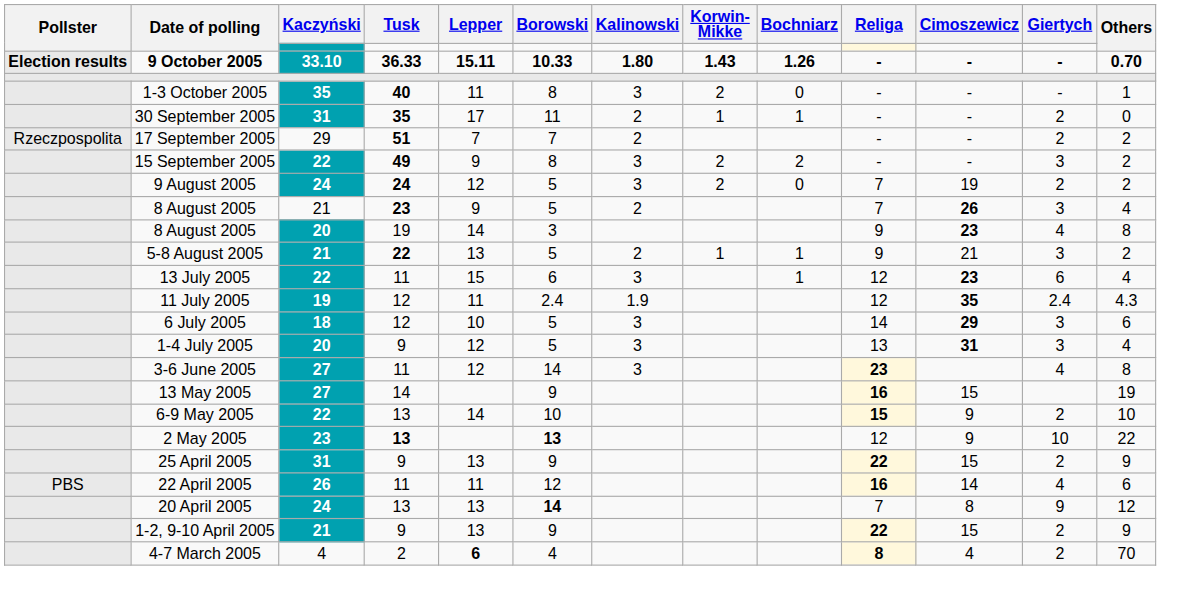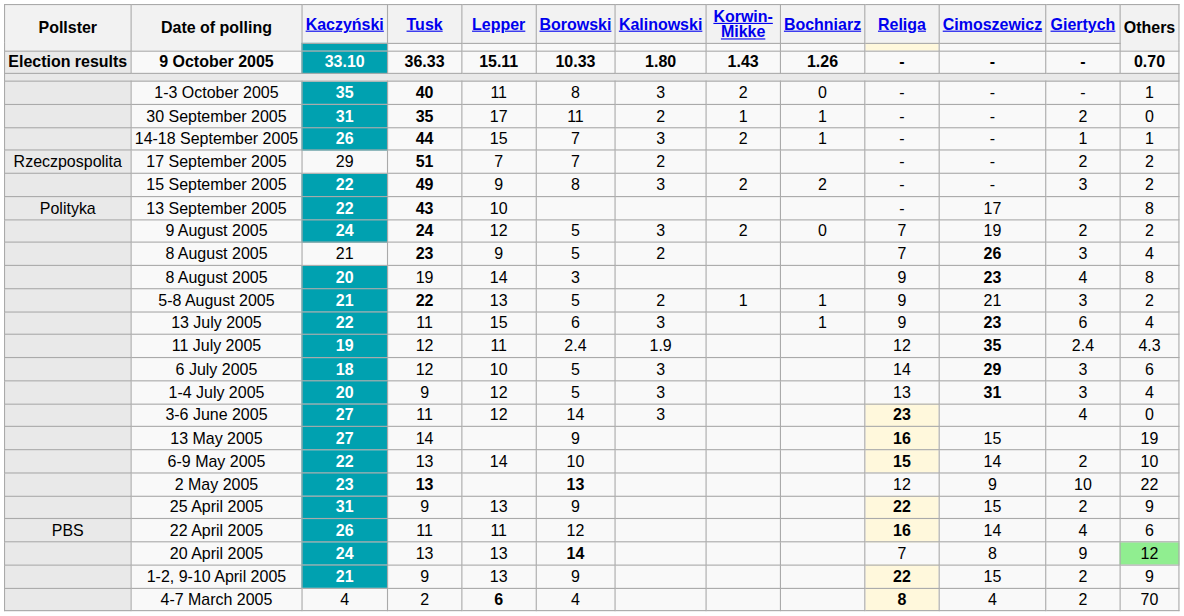 <table class="wikitable" style="text-align:center; font-size:90%; line-height:14px;">
 <tr>
 <th rowspan="2">Pollster</th>
 <th rowspan="2">Date of polling</th>
 <th style="width:60px;"><a href='#'>Kaczyński</a><br></th>
 <th style="width:60px;"><a href='#'>Tusk</a><br></th>
 <th style="width:60px;"><a href='#'>Lepper</a><br></th>
 <th style="width:60px;"><a href='#'>Borowski</a><br></th>
 <th style="width:60px;"><a href='#'>Kalinowski</a><br></th>
 <th style="width:60px;"><a href='#'>Korwin-Mikke</a><br></th>
 <th style="width:60px;"><a href='#'>Bochniarz</a><br></th>
 <th style="width:60px;"><a href='#'>Religa</a><br></th>
 <th style="width:60px;"><a href='#'>Cimoszewicz</a><br></th>
 <th style="width:60px;"><a href='#'>Giertych</a><br></th>
 <th rowspan="2">Others</th>
 </tr>
 <tr>
 <td style="background:#00a1b0;"></td>
 <td style="background:"></td>
 <td style="background:"></td>
 <td style="background:"></td>
 <td style="background:"></td>
 <td style="background:"></td>
 <td style="background:"></td>
 <td style="background:#FFF8DC;"></td>
 <td style="background:"></td>
 <td style="background:"></td>
 </tr>
 <tr>
 <td style="background-color:#E9E9E9"><strong>Election results</strong></td>
 <td><strong>9 October 2005</strong></td>
 <td style="background:#00a1b0; color:white;"><strong>33.10</strong></td>
 <td style="background:"><strong>36.33</strong></td>
 <td><strong>15.11</strong></td>
 <td><strong>10.33</strong></td>
 <td><strong>1.80</strong></td>
 <td><strong>1.43</strong></td>
 <td><strong>1.26</strong></td>
 <td><strong>-</strong></td>
 <td><strong>-</strong></td>
 <td><strong>-</strong></td>
 <td><strong>0.70</strong></td>
 </tr>
 <tr>
 <td colspan="13" style="background-color:#E9E9E9"></td>
 </tr>
 <tr>
 <td style="background-color:#E9E9E9"></td>
 <td>1-3 October 2005</td>
 <td style="background:#00a1b0; color:white;"><strong>35</strong></td>
 <td style="background:"><strong>40</strong></td>
 <td>11</td>
 <td>8</td>
 <td>3</td>
 <td>2</td>
 <td>0</td>
 <td>-</td>
 <td>-</td>
 <td>-</td>
 <td>1</td>
 </tr>
 <tr>
 <td style="background-color:#E9E9E9"></td>
 <td>30 September 2005</td>
 <td style="background:#00a1b0; color:white;"><strong>31</strong></td>
 <td style="background:"><strong>35</strong></td>
 <td>17</td>
 <td>11</td>
 <td>2</td>
 <td>1</td>
 <td>1</td>
 <td>-</td>
 <td>-</td>
 <td>2</td>
 <td>0</td>
 </tr>
 <tr>
+<td style="background-color:#E9E9E9"></td>
+<td>14-18 September 2005</td>
+<td style="background:#00a1b0; color:white;"><strong>26</strong></td>
+<td style="background:"><strong>44</strong></td>
+<td>15</td>
+<td>7</td>
+<td>3</td>
+<td>2</td>
+<td>1</td>
+<td>-</td>
+<td>-</td>
+<td>1</td>
+<td>1</td>
+</tr>
+<tr>
 <td style="background-color:#E9E9E9">Rzeczpospolita</td>
 <td>17 September 2005</td>
 <td>29</td>
 <td style="background:"><strong>51</strong></td>
 <td>7</td>
 <td>7</td>
 <td>2</td>
 <td></td>
 <td></td>
 <td>-</td>
 <td>-</td>
 <td>2</td>
 <td>2</td>
 </tr>
 <tr>
 <td style="background-color:#E9E9E9"></td>
 <td>15 September 2005</td>
 <td style="background:#00a1b0; color:white;"><strong>22</strong></td>
 <td style="background:"><strong>49</strong></td>
 <td>9</td>
 <td>8</td>
 <td>3</td>
 <td>2</td>
 <td>2</td>
 <td>-</td>
 <td>-</td>
 <td>3</td>
 <td>2</td>
+</tr>
+<tr>
+<td style="background-color:#E9E9E9">Polityka</td>
+<td>13 September 2005</td>
+<td style="background:#00a1b0; color:white;"><strong>22</strong></td>
+<td style="background:"><strong>43</strong></td>
+<td>10</td>
+<td></td>
+<td></td>
+<td></td>
+<td></td>
+<td>-</td>
+<td>17</td>
+<td></td>
+<td>8</td>
 </tr>
 <tr>
 <td style="background-color:#E9E9E9"></td>
 <td>9 August 2005</td>
 <td style="background:#00a1b0; color:white;"><strong>24</strong></td>
 <td style="background:"><strong>24</strong></td>
 <td>12</td>
 <td>5</td>
 <td>3</td>
 <td>2</td>
 <td>0</td>
 <td>7</td>
 <td>19</td>
 <td>2</td>
 <td>2</td>
 </tr>
 <tr>
 <td style="background-color:#E9E9E9"></td>
 <td>8 August 2005</td>
 <td>21</td>
 <td style="background:"><strong>23</strong></td>
 <td>9</td>
 <td>5</td>
 <td>2</td>
 <td></td>
 <td></td>
 <td>7</td>
 <td style="background:"><strong>26</strong></td>
 <td>3</td>
 <td>4</td>
 </tr>
 <tr>
 <td style="background-color:#E9E9E9"></td>
 <td>8 August 2005</td>
 <td style="background:#00a1b0; color:white;"><strong>20</strong></td>
 <td>19</td>
 <td>14</td>
 <td>3</td>
 <td></td>
 <td></td>
 <td></td>
 <td>9</td>
 <td style="background:"><strong>23</strong></td>
 <td>4</td>
 <td>8</td>
 </tr>
 <tr>
 <td style="background-color:#E9E9E9"></td>
 <td>5-8 August 2005</td>
 <td style="background:#00a1b0; color:white;"><strong>21</strong></td>
 <td style="background:"><strong>22</strong></td>
 <td>13</td>
 <td>5</td>
 <td>2</td>
 <td>1</td>
 <td>1</td>
 <td>9</td>
 <td style="background:">21</td>
 <td>3</td>
 <td>2</td>
 </tr>
 <tr>
 <td style="background-color:#E9E9E9"></td>
 <td>13 July 2005</td>
 <td style="background:#00a1b0; color:white;"><strong>22</strong></td>
 <td>11</td>
 <td>15</td>
 <td>6</td>
 <td>3</td>
 <td></td>
 <td>1</td>
-<td>12</td>
+<td>9</td>
 <td style="background:"><strong>23</strong></td>
 <td>6</td>
 <td>4</td>
 </tr>
 <tr>
 <td style="background-color:#E9E9E9"></td>
 <td>11 July 2005</td>
 <td style="background:#00a1b0; color:white;"><strong>19</strong></td>
 <td>12</td>
 <td>11</td>
 <td>2.4</td>
 <td>1.9</td>
 <td></td>
 <td></td>
 <td>12</td>
 <td style="background:"><strong>35</strong></td>
 <td>2.4</td>
 <td>4.3</td>
 </tr>
 <tr>
 <td style="background-color:#E9E9E9"></td>
 <td>6 July 2005</td>
 <td style="background:#00a1b0; color:white;"><strong>18</strong></td>
 <td>12</td>
 <td>10</td>
 <td>5</td>
 <td>3</td>
 <td></td>
 <td></td>
 <td>14</td>
 <td style="background:"><strong>29</strong></td>
 <td>3</td>
 <td>6</td>
 </tr>
 <tr>
 <td style="background-color:#E9E9E9"></td>
 <td>1-4 July 2005</td>
 <td style="background:#00a1b0; color:white;"><strong>20</strong></td>
 <td>9</td>
 <td>12</td>
 <td>5</td>
 <td>3</td>
 <td></td>
 <td></td>
 <td>13</td>
 <td style="background:"><strong>31</strong></td>
 <td>3</td>
 <td>4</td>
 </tr>
 <tr>
 <td style="background-color:#E9E9E9"></td>
 <td>3-6 June 2005</td>
 <td style="background:#00a1b0; color:white;"><strong>27</strong></td>
 <td>11</td>
 <td>12</td>
 <td>14</td>
 <td>3</td>
 <td></td>
 <td></td>
 <td style="background:#FFF8DC; color:black;"><strong>23</strong></td>
 <td></td>
 <td>4</td>
-<td>8</td>
+<td>0</td>
 </tr>
 <tr>
 <td style="background-color:#E9E9E9"></td>
 <td>13 May 2005</td>
 <td style="background:#00a1b0; color:white;"><strong>27</strong></td>
 <td>14</td>
 <td></td>
 <td>9</td>
 <td></td>
 <td></td>
 <td></td>
 <td style="background:#FFF8DC; color:black;"><strong>16</strong></td>
 <td>15</td>
 <td></td>
 <td>19</td>
 </tr>
 <tr>
 <td style="background-color:#E9E9E9"></td>
 <td>6-9 May 2005</td>
 <td style="background:#00a1b0; color:white;"><strong>22</strong></td>
 <td>13</td>
 <td>14</td>
 <td>10</td>
 <td></td>
 <td></td>
 <td></td>
 <td style="background:#FFF8DC; color:black;"><strong>15</strong></td>
-<td>9</td>
+<td>14</td>
 <td>2</td>
 <td>10</td>
 </tr>
 <tr>
 <td style="background-color:#E9E9E9"></td>
 <td>2 May 2005</td>
 <td style="background:#00a1b0; color:white;"><strong>23</strong></td>
 <td style="background:"><strong>13</strong></td>
 <td></td>
 <td style="background:"><strong>13</strong></td>
 <td></td>
 <td></td>
 <td></td>
 <td>12</td>
 <td>9</td>
 <td>10</td>
 <td>22</td>
 </tr>
 <tr>
 <td style="background-color:#E9E9E9"></td>
 <td>25 April 2005</td>
 <td style="background:#00a1b0; color:white;"><strong>31</strong></td>
 <td>9</td>
 <td>13</td>
 <td>9</td>
 <td></td>
 <td></td>
 <td></td>
 <td style="background:#FFF8DC; color:black;"><strong>22</strong></td>
 <td>15</td>
 <td>2</td>
 <td>9</td>
 </tr>
 <tr>
 <td style="background-color:#E9E9E9">PBS</td>
 <td>22 April 2005</td>
 <td style="background:#00a1b0; color:white;"><strong>26</strong></td>
 <td>11</td>
 <td>11</td>
 <td>12</td>
 <td></td>
 <td></td>
 <td></td>
 <td style="background:#FFF8DC; color:black;"><strong>16</strong></td>
 <td>14</td>
 <td>4</td>
 <td>6</td>
 </tr>
 <tr>
 <td style="background-color:#E9E9E9"></td>
 <td>20 April 2005</td>
 <td style="background:#00a1b0; color:white;"><strong>24</strong></td>
 <td>13</td>
 <td>13</td>
 <td style="background:"><strong>14</strong></td>
 <td></td>
 <td></td>
 <td></td>
 <td>7</td>
 <td>8</td>
 <td>9</td>
-<td>12</td>
+<td style="background: lightgreen;">12</td>
 </tr>
 <tr>
 <td style="background-color:#E9E9E9"></td>
 <td>1-2, 9-10 April 2005</td>
 <td style="background:#00a1b0; color:white;"><strong>21</strong></td>
 <td>9</td>
 <td>13</td>
 <td>9</td>
 <td></td>
 <td></td>
 <td></td>
 <td style="background:#FFF8DC;"><strong>22</strong></td>
 <td>15</td>
 <td>2</td>
 <td>9</td>
 </tr>
 <tr>
 <td style="background-color:#E9E9E9"></td>
 <td>4-7 March 2005</td>
 <td>4</td>
 <td>2</td>
 <td style="background:"><strong>6</strong></td>
 <td>4</td>
 <td></td>
 <td></td>
 <td></td>
 <td style="background:#FFF8DC;"><strong>8</strong></td>
 <td>4</td>
 <td>2</td>
 <td>70</td>
 </tr>
 </table>
